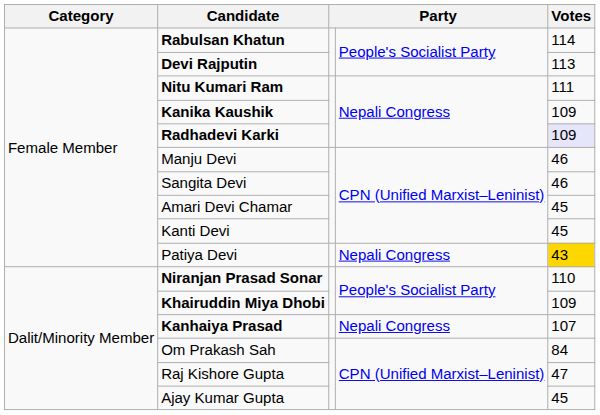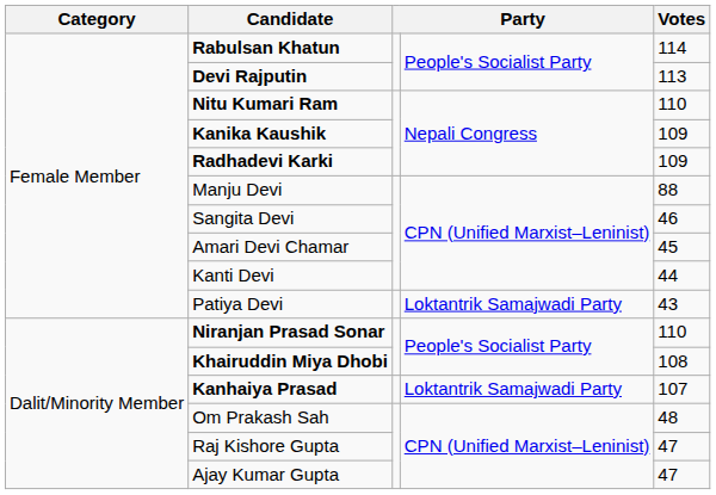 <table class="wikitable">
 <tr>
 <th>Category</th>
 <th>Candidate</th>
 <th colspan="2">Party</th>
 <th>Votes</th>
 </tr>
 <tr>
 <td rowspan="10">Female Member</td>
 <td><strong>Rabulsan Khatun</strong></td>
 <td rowspan="2" style="background-color:"><br></td>
 <td rowspan="2"><a href='#'>People's Socialist Party</a></td>
 <td>114</td>
 </tr>
 <tr>
 <td><strong>Devi Rajputin</strong></td>
 <td>113</td>
 </tr>
 <tr>
 <td><strong>Nitu Kumari Ram</strong></td>
 <td rowspan="3" style="background-color:"><br></td>
 <td rowspan="3"><a href='#'>Nepali Congress</a></td>
-<td>111</td>
+<td>110</td>
 </tr>
 <tr>
 <td><strong>Kanika Kaushik</strong></td>
 <td>109</td>
 </tr>
 <tr>
 <td><strong>Radhadevi Karki</strong></td>
-<td style="background: lavender;">109</td>
+<td>109</td>
 </tr>
 <tr>
 <td>Manju Devi</td>
 <td rowspan="4" style="background-color:"><br></td>
 <td rowspan="4"><a href='#'>CPN (Unified Marxist–Leninist)</a></td>
-<td>46</td>
+<td>88</td>
 </tr>
 <tr>
 <td>Sangita Devi</td>
 <td>46</td>
 </tr>
 <tr>
 <td>Amari Devi Chamar</td>
 <td>45</td>
 </tr>
 <tr>
 <td>Kanti Devi</td>
-<td>45</td>
+<td>44</td>
 </tr>
 <tr>
 <td>Patiya Devi</td>
 <td style="background-color:"><br></td>
-<td><a href='#'>Nepali Congress</a></td>
-<td style="background: gold;">43</td>
+<td><a href='#'>Loktantrik Samajwadi Party</a></td>
+<td>43</td>
 </tr>
 <tr>
 <td rowspan="6">Dalit/Minority Member</td>
 <td><strong>Niranjan Prasad Sonar</strong></td>
 <td rowspan="2" style="background-color:"><br></td>
 <td rowspan="2"><a href='#'>People's Socialist Party</a></td>
 <td>110</td>
 </tr>
 <tr>
 <td><strong>Khairuddin Miya Dhobi</strong></td>
-<td>109</td>
+<td>108</td>
 </tr>
 <tr>
 <td><strong>Kanhaiya Prasad</strong></td>
 <td style="background-color:"><br></td>
-<td><a href='#'>Nepali Congress</a></td>
+<td><a href='#'>Loktantrik Samajwadi Party</a></td>
 <td>107</td>
 </tr>
 <tr>
 <td>Om Prakash Sah</td>
 <td rowspan="3" style="background-color:"><br></td>
 <td rowspan="3"><a href='#'>CPN (Unified Marxist–Leninist)</a></td>
-<td>84</td>
+<td>48</td>
 </tr>
 <tr>
 <td>Raj Kishore Gupta</td>
 <td>47</td>
 </tr>
 <tr>
 <td>Ajay Kumar Gupta</td>
-<td>45</td>
+<td>47</td>
 </tr>
 </table>
